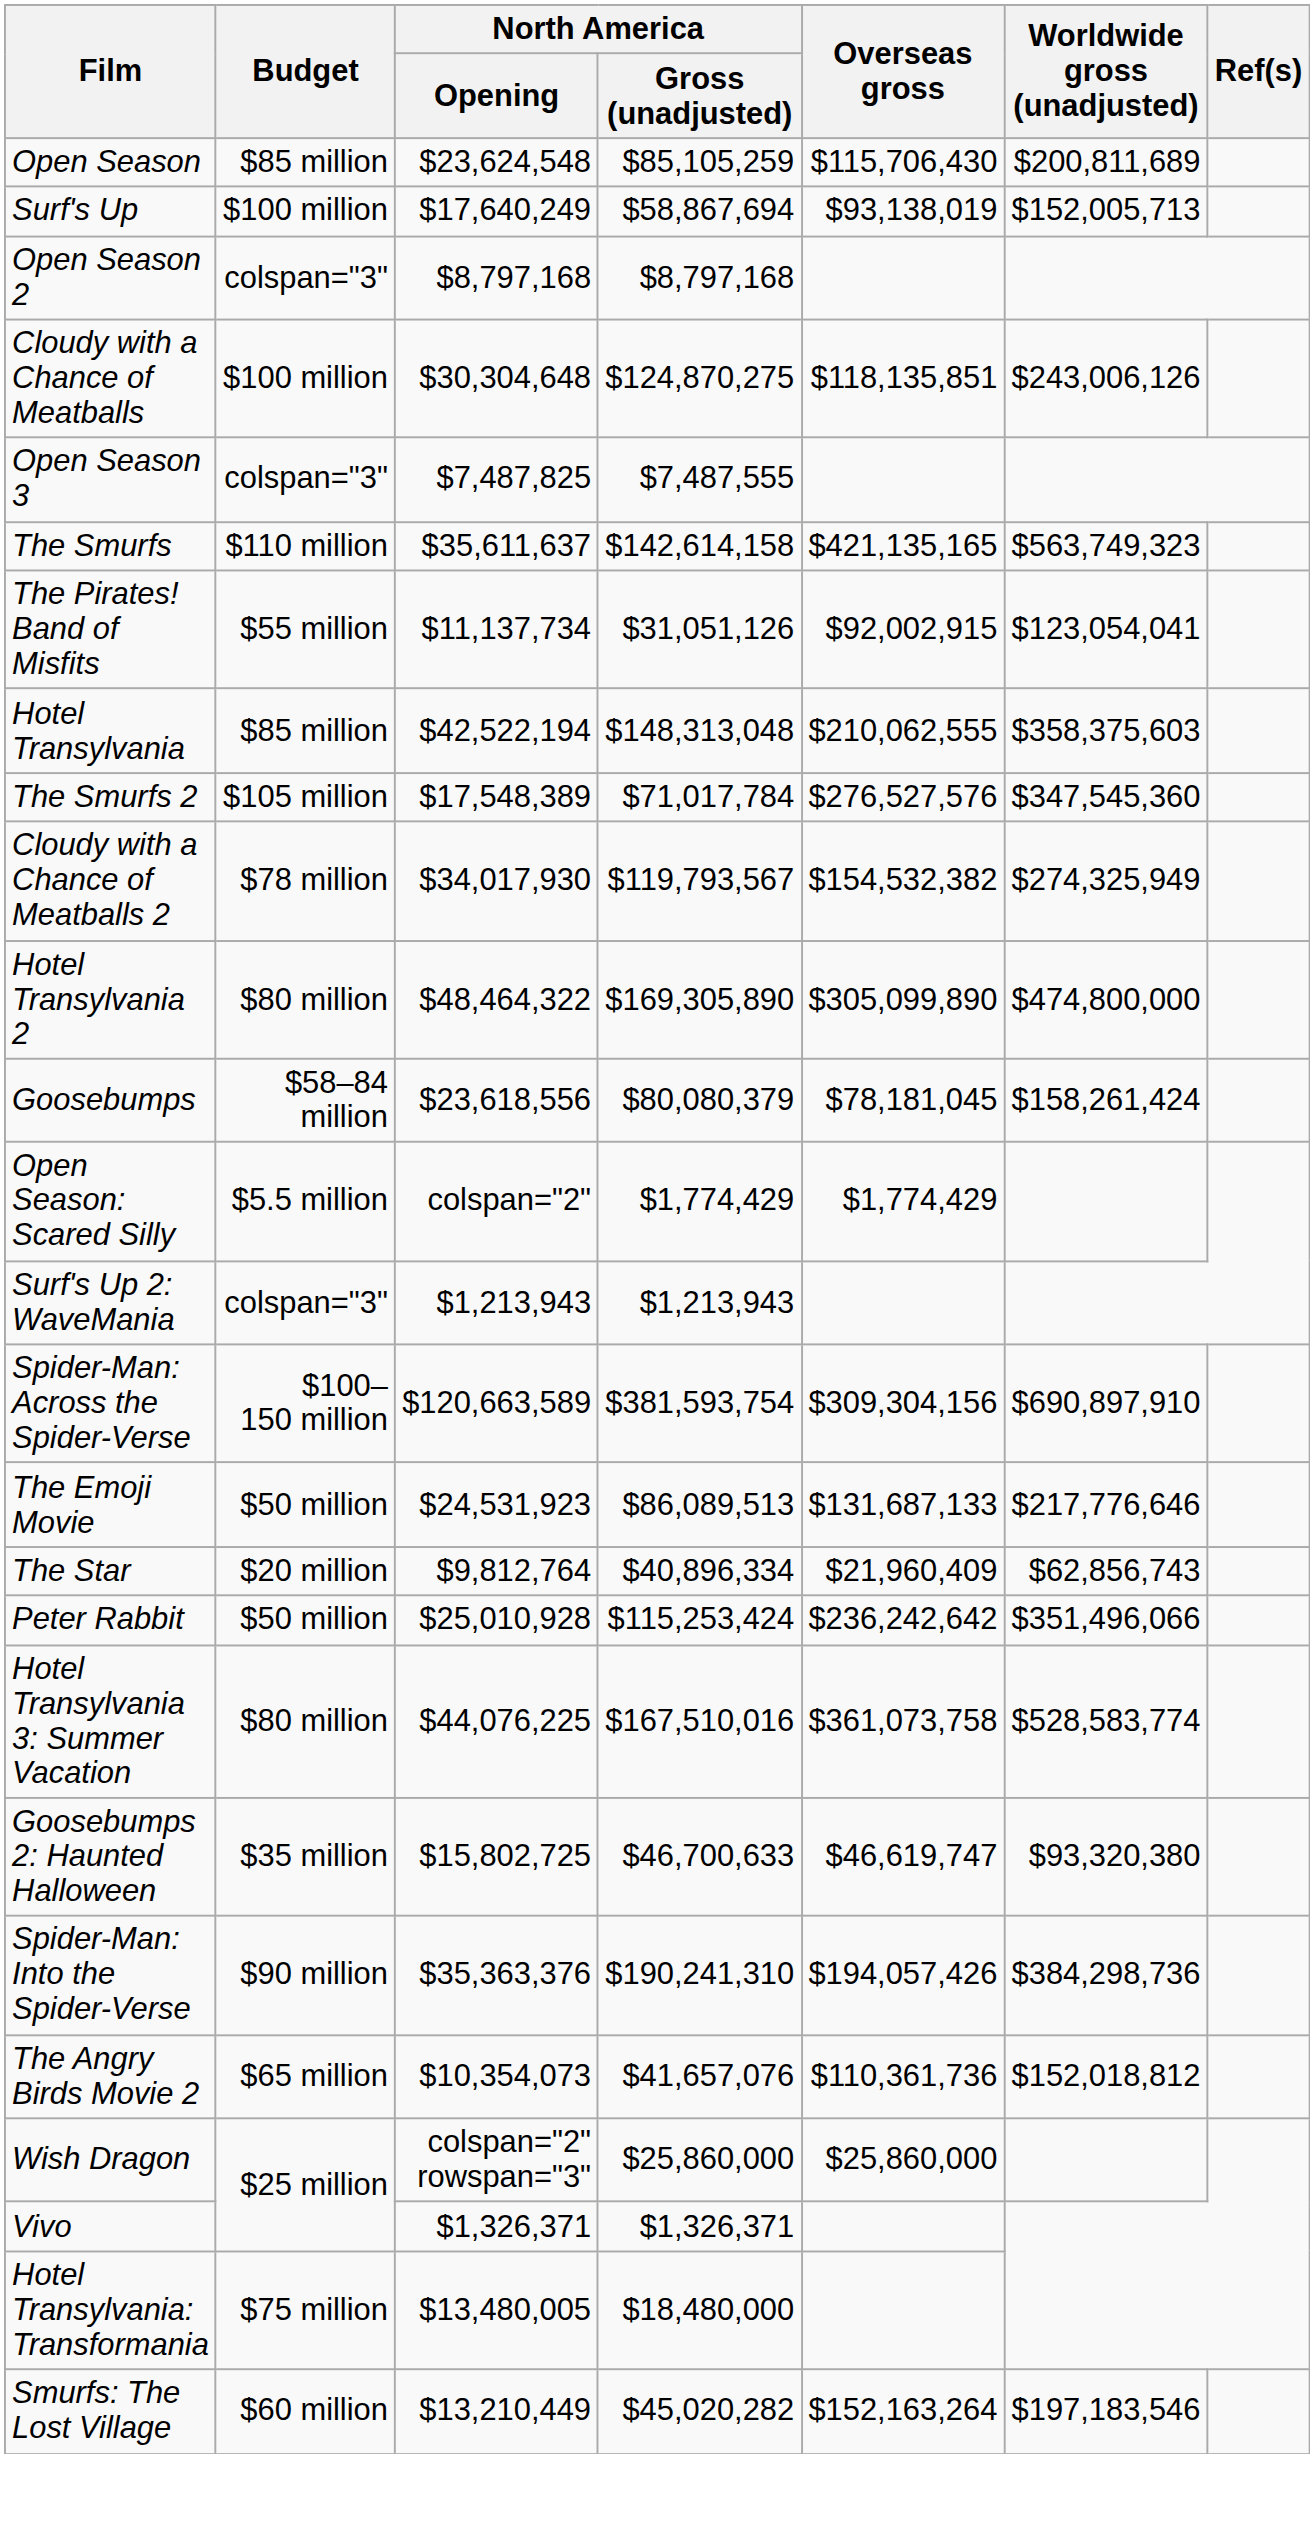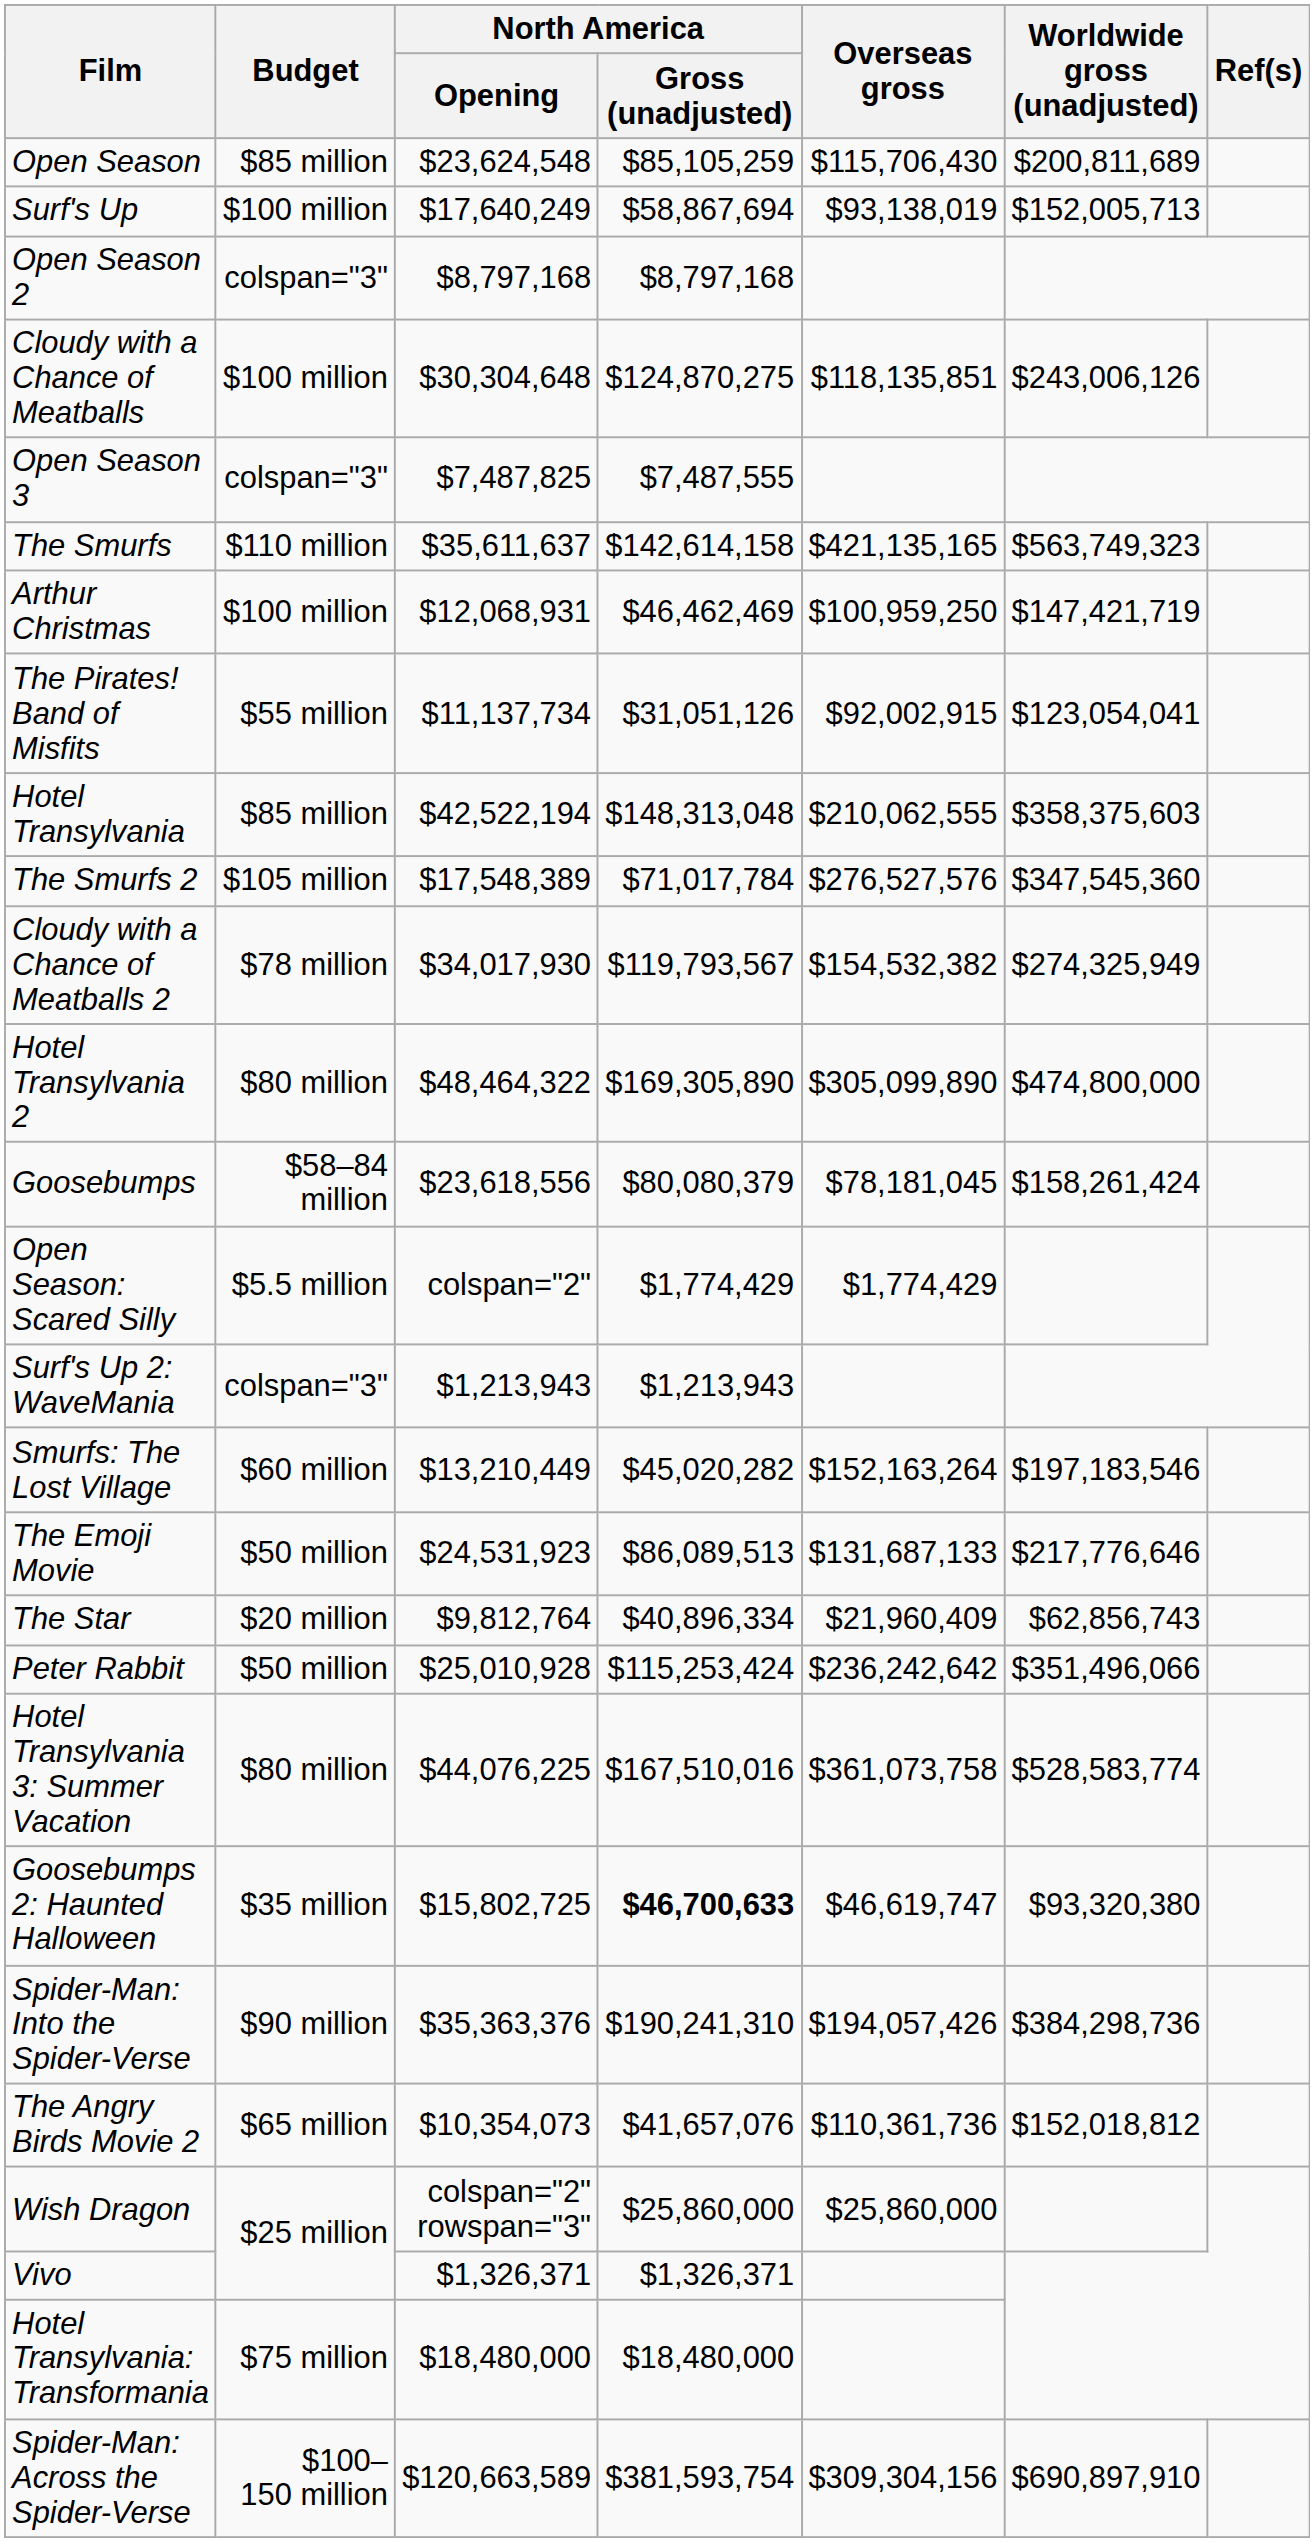 <table class="sortable wikitable" style="text-align: right;">
 <tr>
 <th rowspan="2" width="240">Film</th>
 <th rowspan="2" width="95">Budget</th>
 <th colspan="2">North America</th>
 <th rowspan="2">Overseas<br>gross</th>
 <th rowspan="2" width="95">Worldwide gross<br>(unadjusted)</th>
 <th rowspan="2">Ref(s)</th>
 </tr>
 <tr>
 <th width="95">Opening</th>
 <th width="95">Gross<br>(unadjusted)</th>
 </tr>
 <tr>
 <td style="text-align:left;"><em>Open Season</em></td>
 <td>$85 million</td>
 <td>$23,624,548</td>
 <td>$85,105,259</td>
 <td>$115,706,430</td>
 <td>$200,811,689</td>
 <td></td>
 </tr>
 <tr>
 <td style="text-align:left;"><em>Surf's Up</em></td>
 <td>$100 million</td>
 <td>$17,640,249</td>
 <td>$58,867,694</td>
 <td>$93,138,019</td>
 <td>$152,005,713</td>
 <td></td>
 </tr>
 <tr>
 <td style="text-align:left;"><em>Open Season 2</em></td>
 <td>colspan="3" </td>
 <td>$8,797,168</td>
 <td>$8,797,168</td>
 <td></td>
 </tr>
 <tr>
 <td style="text-align:left;"><em>Cloudy with a Chance of Meatballs</em></td>
 <td>$100 million</td>
 <td>$30,304,648</td>
 <td>$124,870,275</td>
 <td>$118,135,851</td>
 <td>$243,006,126</td>
 <td></td>
 </tr>
 <tr>
 <td style="text-align:left;"><em>Open Season 3</em></td>
 <td>colspan="3" </td>
 <td>$7,487,825</td>
 <td>$7,487,555</td>
 <td></td>
 </tr>
 <tr>
 <td style="text-align:left;"><em>The Smurfs</em></td>
 <td>$110 million</td>
 <td>$35,611,637</td>
 <td>$142,614,158</td>
 <td>$421,135,165</td>
 <td>$563,749,323</td>
+<td></td>
+</tr>
+<tr>
+<td style="text-align:left;"><em>Arthur Christmas</em></td>
+<td>$100 million</td>
+<td>$12,068,931</td>
+<td>$46,462,469</td>
+<td>$100,959,250</td>
+<td>$147,421,719</td>
 <td></td>
 </tr>
 <tr>
 <td style="text-align:left;"><em>The Pirates! Band of Misfits</em></td>
 <td>$55 million</td>
 <td>$11,137,734</td>
 <td>$31,051,126</td>
 <td>$92,002,915</td>
 <td>$123,054,041</td>
 <td></td>
 </tr>
 <tr>
 <td style="text-align:left;"><em>Hotel Transylvania</em></td>
 <td>$85 million</td>
 <td>$42,522,194</td>
 <td>$148,313,048</td>
 <td>$210,062,555</td>
 <td>$358,375,603</td>
 <td></td>
 </tr>
 <tr>
 <td style="text-align:left;"><em>The Smurfs 2</em></td>
 <td>$105 million</td>
 <td>$17,548,389</td>
 <td>$71,017,784</td>
 <td>$276,527,576</td>
 <td>$347,545,360</td>
 <td></td>
 </tr>
 <tr>
 <td style="text-align:left;"><em>Cloudy with a Chance of Meatballs 2</em></td>
 <td>$78 million</td>
 <td>$34,017,930</td>
 <td>$119,793,567</td>
 <td>$154,532,382</td>
 <td>$274,325,949</td>
 <td></td>
 </tr>
 <tr>
 <td style="text-align:left;"><em>Hotel Transylvania 2</em></td>
 <td>$80 million</td>
 <td>$48,464,322</td>
 <td>$169,305,890</td>
 <td>$305,099,890</td>
 <td>$474,800,000</td>
 <td></td>
 </tr>
 <tr>
 <td style="text-align:left;"><em>Goosebumps</em></td>
 <td>$58–84 million</td>
 <td>$23,618,556</td>
 <td>$80,080,379</td>
 <td>$78,181,045</td>
 <td>$158,261,424</td>
 <td></td>
 </tr>
 <tr>
 <td style="text-align:left;"><em>Open Season: Scared Silly</em></td>
 <td>$5.5 million</td>
 <td>colspan="2" </td>
 <td>$1,774,429</td>
 <td>$1,774,429</td>
 <td></td>
 </tr>
 <tr>
 <td style="text-align:left;"><em>Surf's Up 2: WaveMania</em></td>
 <td>colspan="3" </td>
 <td>$1,213,943</td>
 <td>$1,213,943</td>
 <td></td>
 </tr>
 <tr>
-<td style="text-align:left;"><em>Spider-Man: Across the Spider-Verse</em></td>
-<td>$100–150 million</td>
-<td>$120,663,589</td>
-<td>$381,593,754</td>
-<td>$309,304,156</td>
-<td>$690,897,910</td>
+<td style="text-align:left;"><em>Smurfs: The Lost Village</em></td>
+<td>$60 million</td>
+<td>$13,210,449</td>
+<td>$45,020,282</td>
+<td>$152,163,264</td>
+<td>$197,183,546</td>
 <td></td>
 </tr>
 <tr>
 <td style="text-align:left;"><em>The Emoji Movie</em></td>
 <td>$50 million</td>
 <td>$24,531,923</td>
 <td>$86,089,513</td>
 <td>$131,687,133</td>
 <td>$217,776,646</td>
 <td></td>
 </tr>
 <tr>
 <td style="text-align:left;"><em>The Star</em></td>
 <td>$20 million</td>
 <td>$9,812,764</td>
 <td>$40,896,334</td>
 <td>$21,960,409</td>
 <td>$62,856,743</td>
 <td></td>
 </tr>
 <tr>
 <td style="text-align:left;"><em>Peter Rabbit</em></td>
 <td>$50 million</td>
 <td>$25,010,928</td>
 <td>$115,253,424</td>
 <td>$236,242,642</td>
 <td>$351,496,066</td>
 <td></td>
 </tr>
 <tr>
 <td style="text-align:left;"><em>Hotel Transylvania 3: Summer Vacation</em></td>
 <td>$80 million</td>
 <td>$44,076,225</td>
 <td>$167,510,016</td>
 <td>$361,073,758</td>
 <td>$528,583,774</td>
 <td></td>
 </tr>
 <tr>
 <td style="text-align:left;"><em>Goosebumps 2: Haunted Halloween</em></td>
 <td>$35 million</td>
 <td>$15,802,725</td>
-<td>$46,700,633</td>
+<td><strong>$46,700,633</strong></td>
 <td>$46,619,747</td>
 <td>$93,320,380</td>
 <td></td>
 </tr>
 <tr>
 <td style="text-align:left;"><em>Spider-Man: Into the Spider-Verse</em></td>
 <td>$90 million</td>
 <td>$35,363,376</td>
 <td>$190,241,310</td>
 <td>$194,057,426</td>
 <td>$384,298,736</td>
 <td></td>
 </tr>
 <tr>
 <td style="text-align:left;"><em>The Angry Birds Movie 2</em></td>
 <td>$65 million</td>
 <td>$10,354,073</td>
 <td>$41,657,076</td>
 <td>$110,361,736</td>
 <td>$152,018,812</td>
 <td></td>
 </tr>
 <tr>
 <td style="text-align:left;"><em>Wish Dragon</em></td>
 <td rowspan="2">$25 million</td>
 <td>colspan="2" rowspan="3" </td>
 <td>$25,860,000</td>
 <td>$25,860,000</td>
 <td></td>
 </tr>
 <tr>
 <td style="text-align:left;"><em>Vivo</em></td>
 <td>$1,326,371</td>
 <td>$1,326,371</td>
 <td></td>
 </tr>
 <tr>
 <td style="text-align:left;"><em>Hotel Transylvania: Transformania</em></td>
 <td>$75 million</td>
-<td>$13,480,005</td>
+<td>$18,480,000</td>
 <td>$18,480,000</td>
 <td></td>
 </tr>
 <tr>
-<td style="text-align:left;"><em>Smurfs: The Lost Village</em></td>
-<td>$60 million</td>
-<td>$13,210,449</td>
-<td>$45,020,282</td>
-<td>$152,163,264</td>
-<td>$197,183,546</td>
+<td style="text-align:left;"><em>Spider-Man: Across the Spider-Verse</em></td>
+<td>$100–150 million</td>
+<td>$120,663,589</td>
+<td>$381,593,754</td>
+<td>$309,304,156</td>
+<td>$690,897,910</td>
 <td></td>
 </tr>
 </table>
